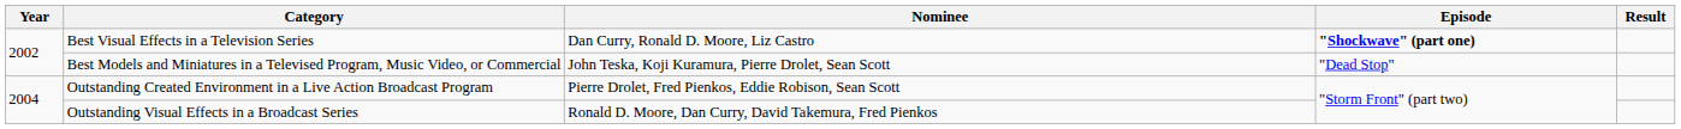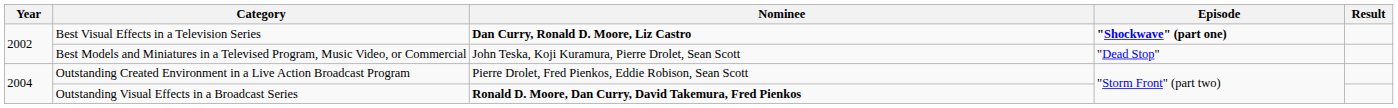 <table class="wikitable">
 <tr>
 <th scope="col" width="3.5%">Year</th>
 <th scope="col" width="30%">Category</th>
 <th scope="col" width="45%">Nominee</th>
 <th scope="col" width="18%">Episode</th>
 <th scope="col" width="3.5%">Result</th>
 </tr>
 <tr>
 <td scope="row" rowspan=2>2002</td>
 <td>Best Visual Effects in a Television Series</td>
-<td>Dan Curry, Ronald D. Moore, Liz Castro</td>
+<td><strong>Dan Curry, Ronald D. Moore, Liz Castro</strong></td>
 <td><strong>"<a href='#'>Shockwave</a>" (part one)</strong></td>
 <td></td>
 </tr>
 <tr>
 <td>Best Models and Miniatures in a Televised Program, Music Video, or Commercial</td>
 <td>John Teska, Koji Kuramura, Pierre Drolet, Sean Scott</td>
 <td>"<a href='#'>Dead Stop</a>"</td>
 <td></td>
 </tr>
 <tr>
 <td scope="row" rowspan=2>2004</td>
 <td>Outstanding Created Environment in a Live Action Broadcast Program</td>
 <td>Pierre Drolet, Fred Pienkos, Eddie Robison, Sean Scott</td>
 <td rowspan=2>"<a href='#'>Storm Front</a>" (part two)</td>
 <td></td>
 </tr>
 <tr>
 <td>Outstanding Visual Effects in a Broadcast Series</td>
-<td>Ronald D. Moore, Dan Curry, David Takemura, Fred Pienkos</td>
+<td><strong>Ronald D. Moore, Dan Curry, David Takemura, Fred Pienkos</strong></td>
 <td></td>
 </tr>
 </table>
